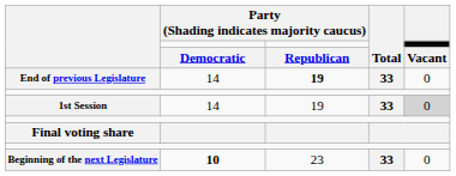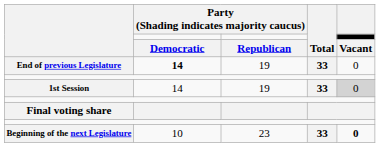 <table class=wikitable style="text-align:center">
 <tr style="vertical-align:bottom;">
 <th rowspan=3></th>
 <th colspan=2>Party <div>(Shading indicates majority caucus)</div></th>
 <th rowspan=3>Total</th>
 <th></th>
 </tr>
 <tr style="height:5px">
 <td style="background-color:"></td>
 <td style="background-color:"></td>
 <td style="background:black;"></td>
 </tr>
 <tr>
 <th><a href='#'>Democratic</a></th>
 <th><a href='#'>Republican</a></th>
 <th>Vacant</th>
 </tr>
 <tr>
 <th style="font-size:80%;">End of <a href='#'>previous Legislature</a></th>
-<td>14</td>
-<td><strong>19</strong></td>
+<td><strong>14</strong></td>
+<td>19</td>
 <th>33</th>
 <td>0</td>
 </tr>
 <tr>
 <td colspan=6></td>
 </tr>
 <tr>
 <th style="font-size:80%;">1st Session</th>
 <td>14</td>
 <td>19</td>
 <th>33</th>
 <td style="background: lightgrey;">0</td>
 </tr>
 <tr>
 <td colspan=6></td>
 </tr>
 <tr>
 <th>Final voting share</th>
 <th></th>
 <th></th>
 <th colspan=2></th>
 </tr>
 <tr>
 <td colspan=6></td>
 </tr>
 <tr>
 <th style="font-size:80%;">Beginning of the <a href='#'>next Legislature</a></th>
-<td><strong>10</strong></td>
+<td>10</td>
 <td>23</td>
 <th>33</th>
-<td>0</td>
+<td><strong>0</strong></td>
 </tr>
 </table>
